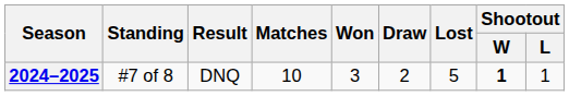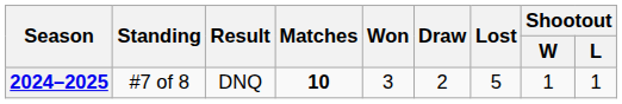 <table class="wikitable" style="text-align:center">
 <tr>
 <th rowspan=2>Season</th>
 <th rowspan=2>Standing</th>
 <th rowspan=2>Result</th>
 <th rowspan=2>Matches</th>
 <th rowspan=2>Won</th>
 <th rowspan=2>Draw</th>
 <th rowspan=2>Lost</th>
 <th colspan=2>Shootout</th>
 </tr>
 <tr>
 <th>W</th>
 <th>L</th>
 </tr>
 <tr>
 <th><a href='#'>2024–2025</a></th>
 <td>#7 of 8</td>
 <td>DNQ</td>
-<td>10</td>
+<td><strong>10</strong></td>
 <td>3</td>
 <td>2</td>
 <td>5</td>
-<td><strong>1</strong></td>
+<td>1</td>
 <td>1</td>
 </tr>
 </table>
